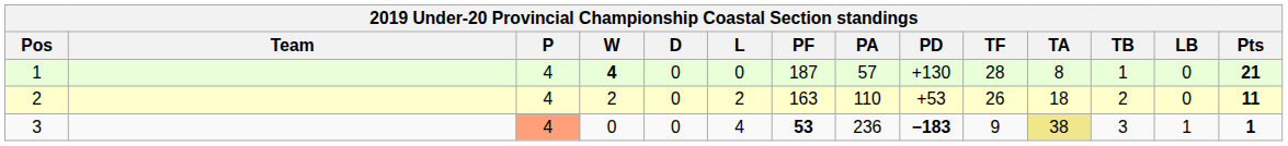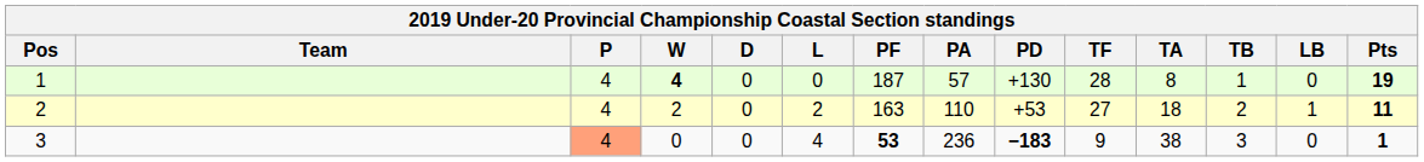 <table class="wikitable" style="text-align:center; font-size:100%; width:60%;">
 <tr>
 <th colspan="100%" cellpadding="0" cellspacing="0"><strong>2019 Under-20 Provincial Championship Coastal Section standings</strong></th>
 </tr>
 <tr>
 <th style="width:5%;">Pos</th>
 <th style="width:35%;">Team</th>
 <th style="width:5%;">P</th>
 <th style="width:5%;">W</th>
 <th style="width:5%;">D</th>
 <th style="width:5%;">L</th>
 <th style="width:5%;">PF</th>
 <th style="width:5%;">PA</th>
 <th style="width:5%;">PD</th>
 <th style="width:5%;">TF</th>
 <th style="width:5%;">TA</th>
 <th style="width:5%;">TB</th>
 <th style="width:5%;">LB</th>
 <th style="width:5%;">Pts<br></th>
 </tr>
 <tr style="background:#E8FFD8;">
 <td>1</td>
 <td style="text-align:left;"></td>
 <td>4</td>
 <td><strong>4</strong></td>
 <td>0</td>
 <td>0</td>
 <td>187</td>
 <td>57</td>
 <td>+130</td>
 <td>28</td>
 <td>8</td>
 <td>1</td>
 <td>0</td>
-<td><strong>21</strong></td>
+<td><strong>19</strong></td>
 </tr>
 <tr style="background:#FFFFCC;">
 <td>2</td>
 <td style="text-align:left;"></td>
 <td>4</td>
 <td>2</td>
 <td>0</td>
 <td>2</td>
 <td>163</td>
 <td>110</td>
 <td>+53</td>
-<td>26</td>
+<td>27</td>
 <td>18</td>
 <td>2</td>
-<td>0</td>
+<td>1</td>
 <td><strong>11</strong></td>
 </tr>
 <tr>
 <td>3</td>
 <td style="text-align:left;"></td>
 <td style="background: lightsalmon;">4</td>
 <td>0</td>
 <td>0</td>
 <td>4</td>
 <td><strong>53</strong></td>
 <td>236</td>
 <td><strong>−183</strong></td>
 <td>9</td>
-<td style="background: khaki;">38</td>
+<td>38</td>
 <td>3</td>
-<td>1</td>
+<td>0</td>
 <td><strong>1</strong></td>
 </tr>
 </table>
